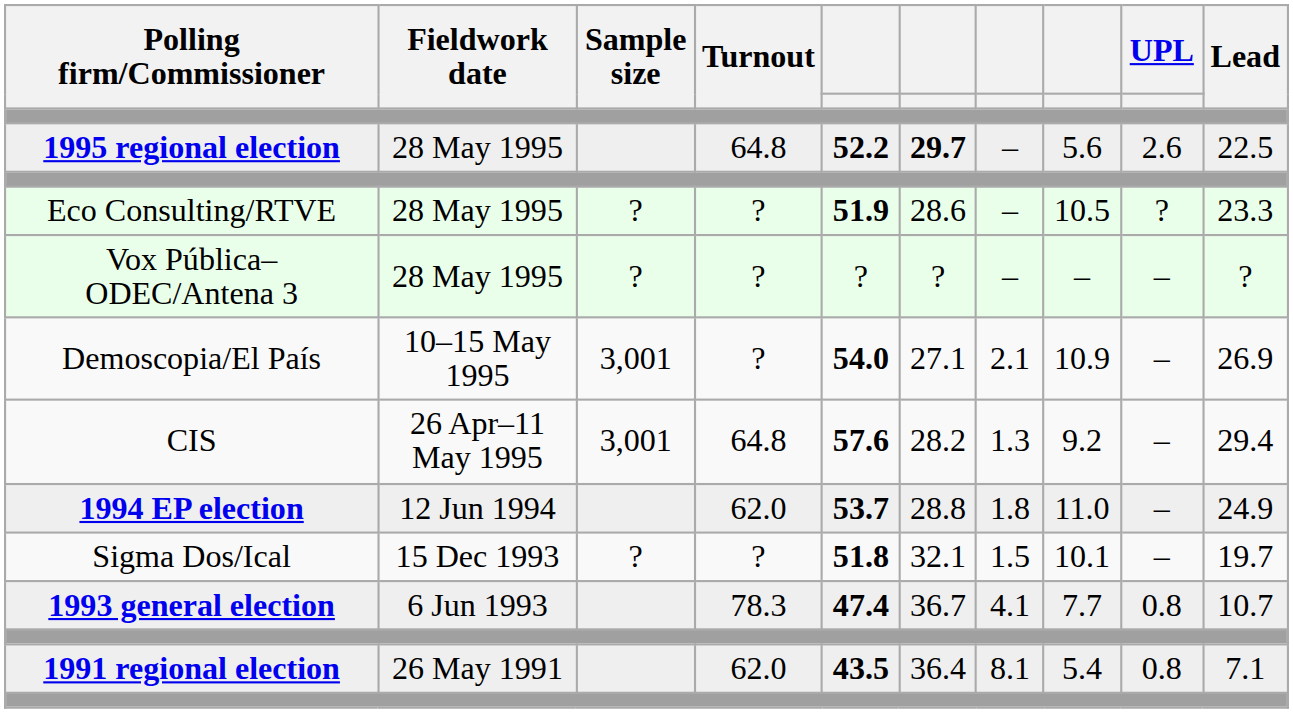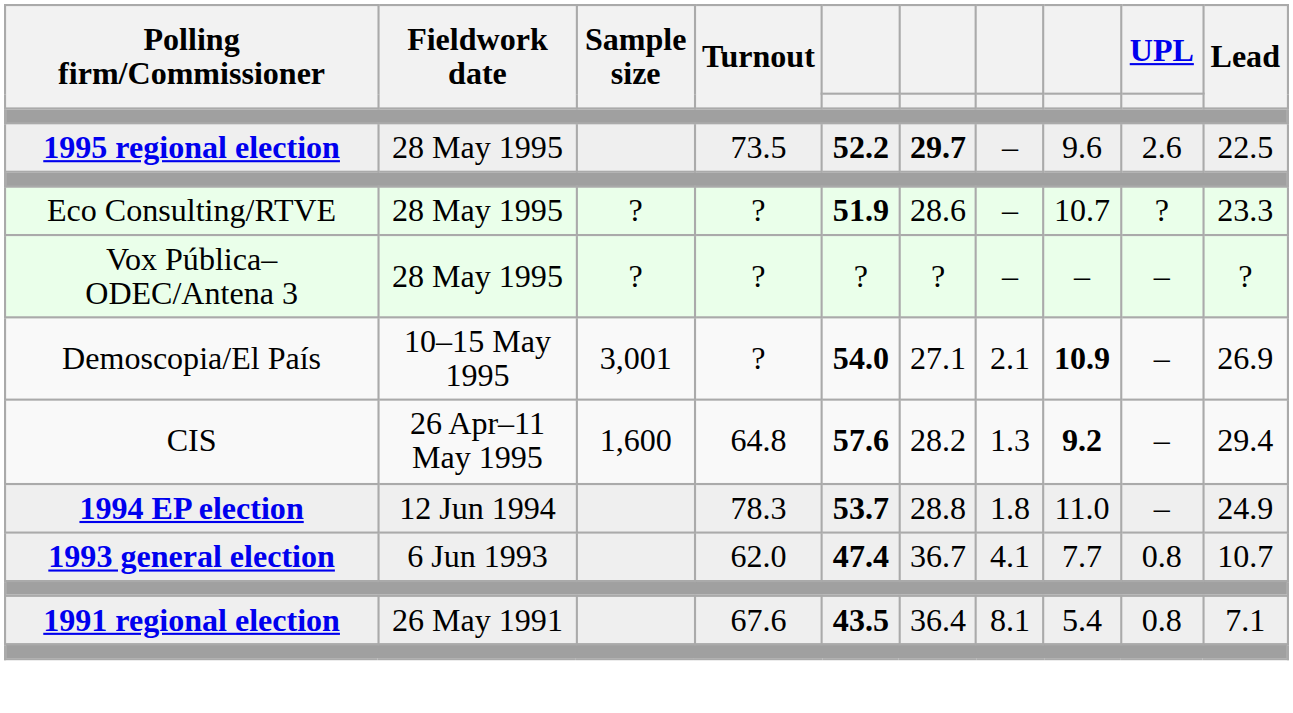 <table class="wikitable collapsible collapsed" style="text-align:center; font-size:95%; line-height:16px;">
 <tr style="height:42px;">
 <th style="width:250px;" rowspan="2">Polling firm/Commissioner</th>
 <th style="width:125px;" rowspan="2">Fieldwork date</th>
 <th style="width:50px;" rowspan="2">Sample size</th>
 <th style="width:45px;" rowspan="2">Turnout</th>
 <th style="width:35px;"></th>
 <th style="width:35px;"></th>
 <th style="width:35px;"></th>
 <th style="width:35px;"></th>
 <th style="width:35px;"><a href='#'>UPL</a></th>
 <th style="width:30px;" rowspan="2">Lead</th>
 </tr>
 <tr>
 <th style="color:inherit;background:"></th>
 <th style="color:inherit;background:"></th>
 <th style="color:inherit;background:"></th>
 <th style="color:inherit;background:"></th>
 <th style="color:inherit;background:"></th>
 </tr>
 <tr>
 <td colspan="10" style="background:#A0A0A0"></td>
 </tr>
 <tr style="background:#EFEFEF;">
 <td><strong><a href='#'>1995 regional election</a></strong></td>
 <td>28 May 1995</td>
 <td></td>
-<td>64.8</td>
+<td>73.5</td>
 <td><strong>52.2</strong><br></td>
 <td><strong>29.7<br></strong></td>
 <td>–</td>
-<td>5.6<br></td>
+<td>9.6<br></td>
 <td>2.6<br></td>
 <td style="background:">22.5</td>
 </tr>
 <tr>
 <td colspan="10" style="background:#A0A0A0"></td>
 </tr>
 <tr style="background:#EAFFEA;">
 <td>Eco Consulting/RTVE</td>
 <td>28 May 1995</td>
 <td>?</td>
 <td>?</td>
 <td><strong>51.9</strong><br></td>
 <td>28.6<br></td>
 <td>–</td>
-<td>10.5<br></td>
+<td>10.7<br></td>
 <td>?<br></td>
 <td style="background:">23.3</td>
 </tr>
 <tr style="background:#EAFFEA;">
 <td>Vox Pública–ODEC/Antena 3</td>
 <td>28 May 1995</td>
 <td>?</td>
 <td>?</td>
 <td>?<br></td>
 <td>?<br></td>
 <td>–</td>
 <td>–</td>
 <td>–</td>
 <td style="background:">?</td>
 </tr>
 <tr>
 <td>Demoscopia/El País</td>
 <td>10–15 May 1995</td>
 <td>3,001</td>
 <td>?</td>
 <td><strong>54.0</strong><br></td>
 <td>27.1<br></td>
 <td>2.1<br></td>
-<td>10.9<br></td>
+<td><strong>10.9<br></strong></td>
 <td>–</td>
 <td style="background:">26.9</td>
 </tr>
 <tr>
 <td>CIS</td>
 <td>26 Apr–11 May 1995</td>
-<td>3,001</td>
+<td>1,600</td>
 <td>64.8</td>
 <td><strong>57.6</strong></td>
 <td>28.2</td>
 <td>1.3</td>
-<td>9.2</td>
+<td><strong>9.2</strong></td>
 <td>–</td>
 <td style="background:">29.4</td>
 </tr>
 <tr style="background:#EFEFEF;">
 <td><strong><a href='#'>1994 EP election</a></strong></td>
 <td>12 Jun 1994</td>
 <td></td>
-<td>62.0</td>
+<td>78.3</td>
 <td><strong>53.7</strong><br></td>
 <td>28.8<br></td>
 <td>1.8<br></td>
 <td>11.0<br></td>
 <td>–</td>
 <td style="background:">24.9</td>
 </tr>
-<tr>
-<td>Sigma Dos/Ical</td>
-<td>15 Dec 1993</td>
-<td>?</td>
-<td>?</td>
-<td><strong>51.8</strong><br></td>
-<td>32.1<br></td>
-<td>1.5<br></td>
-<td>10.1<br></td>
-<td>–</td>
-<td style="background:">19.7</td>
-</tr>
 <tr style="background:#EFEFEF;">
 <td><strong><a href='#'>1993 general election</a></strong></td>
 <td>6 Jun 1993</td>
 <td></td>
-<td>78.3</td>
+<td>62.0</td>
 <td><strong>47.4</strong><br></td>
 <td>36.7<br></td>
 <td>4.1<br></td>
 <td>7.7<br></td>
 <td>0.8<br></td>
 <td style="background:">10.7</td>
 </tr>
 <tr>
 <td colspan="10" style="background:#A0A0A0"></td>
 </tr>
 <tr style="background:#EFEFEF;">
 <td><strong><a href='#'>1991 regional election</a></strong></td>
 <td>26 May 1991</td>
 <td></td>
-<td>62.0</td>
+<td>67.6</td>
 <td><strong>43.5</strong><br></td>
 <td>36.4<br></td>
 <td>8.1<br></td>
 <td>5.4<br></td>
 <td>0.8<br></td>
 <td style="background:">7.1</td>
 </tr>
 <tr>
 <td colspan="10" style="background:#A0A0A0"></td>
 </tr>
 </table>
